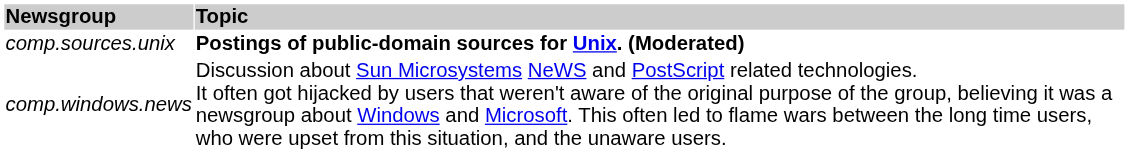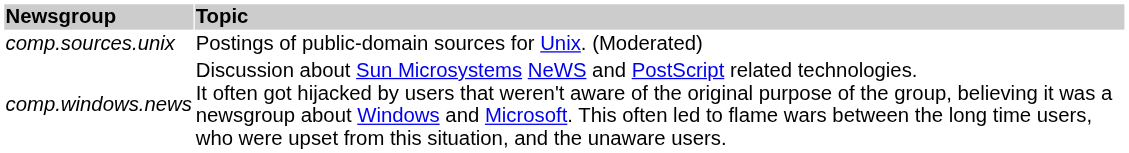 <table cellspacing="1" cellpadding="1" border="0" width="100%">
 <tr bgcolor="#CCCCCC">
 <td><strong>Newsgroup</strong></td>
 <td><strong>Topic</strong></td>
 </tr>
 <tr>
 <td><em>comp.sources.unix</em></td>
-<td><strong>Postings of public-domain sources for <a href='#'>Unix</a>. (Moderated)</strong></td>
+<td>Postings of public-domain sources for <a href='#'>Unix</a>. (Moderated)</td>
 </tr>
 <tr>
 <td><em>comp.windows.news</em></td>
 <td>Discussion about <a href='#'>Sun Microsystems</a> <a href='#'>NeWS</a> and <a href='#'>PostScript</a> related technologies.<br>It often got hijacked by users that weren't aware of the original purpose of the group, believing it was a newsgroup about <a href='#'>Windows</a> and <a href='#'>Microsoft</a>. This often led to flame wars between the long time users, who were upset from this situation, and the unaware users.</td>
 </tr>
 </table>
